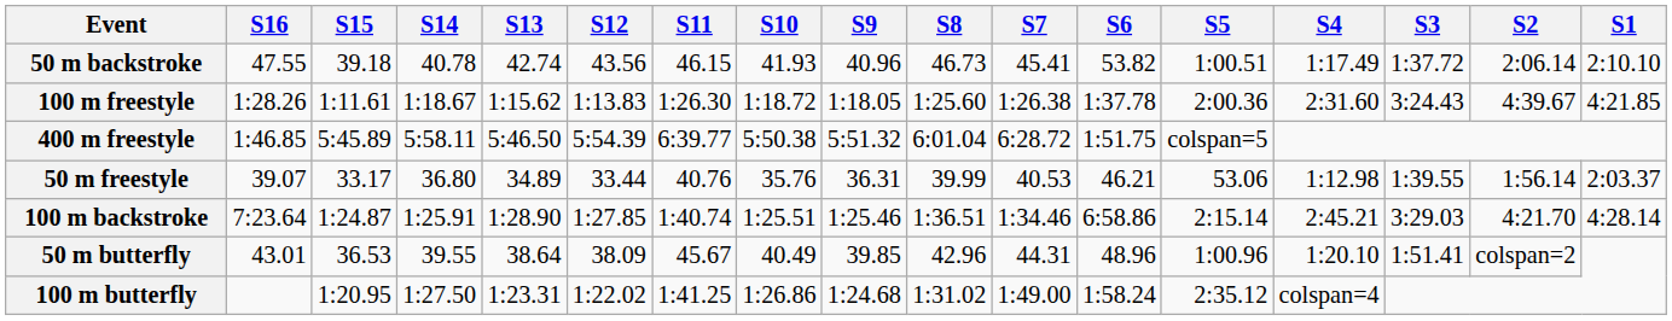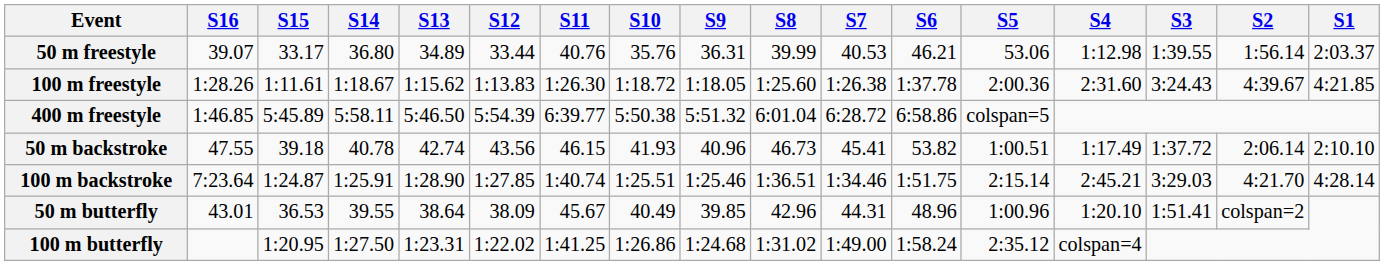 <table class="wikitable plainrowheaders" style="text-align:right">
 <tr>
 <th scope="col" style="width:138px;">Event</th>
 <th scope="col"><a href='#'>S16</a></th>
 <th scope="col"><a href='#'>S15</a></th>
 <th scope="col"><a href='#'>S14</a></th>
 <th scope="col"><a href='#'>S13</a></th>
 <th scope="col"><a href='#'>S12</a></th>
 <th scope="col"><a href='#'>S11</a></th>
 <th scope="col"><a href='#'>S10</a></th>
 <th scope="col"><a href='#'>S9</a></th>
 <th scope="col"><a href='#'>S8</a></th>
 <th scope="col"><a href='#'>S7</a></th>
 <th scope="col"><a href='#'>S6</a></th>
 <th scope="col"><a href='#'>S5</a></th>
 <th scope="col"><a href='#'>S4</a></th>
 <th scope="col"><a href='#'>S3</a></th>
 <th scope="col"><a href='#'>S2</a></th>
 <th scope="col"><a href='#'>S1</a></th>
 </tr>
 <tr>
-<th scope="row">50 m backstroke</th>
-<td>47.55</td>
-<td>39.18</td>
-<td>40.78</td>
-<td>42.74</td>
-<td>43.56</td>
-<td>46.15</td>
-<td>41.93</td>
-<td>40.96</td>
-<td>46.73</td>
-<td>45.41</td>
-<td>53.82</td>
-<td>1:00.51</td>
-<td>1:17.49</td>
-<td>1:37.72</td>
-<td>2:06.14</td>
-<td>2:10.10</td>
+<th scope="row">50 m freestyle</th>
+<td>39.07</td>
+<td>33.17</td>
+<td>36.80</td>
+<td>34.89</td>
+<td>33.44</td>
+<td>40.76</td>
+<td>35.76</td>
+<td>36.31</td>
+<td>39.99</td>
+<td>40.53</td>
+<td>46.21</td>
+<td>53.06</td>
+<td>1:12.98</td>
+<td>1:39.55</td>
+<td>1:56.14</td>
+<td>2:03.37</td>
 </tr>
 <tr>
 <th scope="row">100 m freestyle</th>
 <td>1:28.26</td>
 <td>1:11.61</td>
 <td>1:18.67</td>
 <td>1:15.62</td>
 <td>1:13.83</td>
 <td>1:26.30</td>
 <td>1:18.72</td>
 <td>1:18.05</td>
 <td>1:25.60</td>
 <td>1:26.38</td>
 <td>1:37.78</td>
 <td>2:00.36</td>
 <td>2:31.60</td>
 <td>3:24.43</td>
 <td>4:39.67</td>
 <td>4:21.85</td>
 </tr>
 <tr>
 <th scope="row">400 m freestyle</th>
 <td>1:46.85</td>
 <td>5:45.89</td>
 <td>5:58.11</td>
 <td>5:46.50</td>
 <td>5:54.39</td>
 <td>6:39.77</td>
 <td>5:50.38</td>
 <td>5:51.32</td>
 <td>6:01.04</td>
 <td>6:28.72</td>
-<td>1:51.75</td>
+<td>6:58.86</td>
 <td>colspan=5 </td>
 </tr>
 <tr>
-<th scope="row">50 m freestyle</th>
-<td>39.07</td>
-<td>33.17</td>
-<td>36.80</td>
-<td>34.89</td>
-<td>33.44</td>
-<td>40.76</td>
-<td>35.76</td>
-<td>36.31</td>
-<td>39.99</td>
-<td>40.53</td>
-<td>46.21</td>
-<td>53.06</td>
-<td>1:12.98</td>
-<td>1:39.55</td>
-<td>1:56.14</td>
-<td>2:03.37</td>
+<th scope="row">50 m backstroke</th>
+<td>47.55</td>
+<td>39.18</td>
+<td>40.78</td>
+<td>42.74</td>
+<td>43.56</td>
+<td>46.15</td>
+<td>41.93</td>
+<td>40.96</td>
+<td>46.73</td>
+<td>45.41</td>
+<td>53.82</td>
+<td>1:00.51</td>
+<td>1:17.49</td>
+<td>1:37.72</td>
+<td>2:06.14</td>
+<td>2:10.10</td>
 </tr>
 <tr>
 <th scope="row">100 m backstroke</th>
 <td>7:23.64</td>
 <td>1:24.87</td>
 <td>1:25.91</td>
 <td>1:28.90</td>
 <td>1:27.85</td>
 <td>1:40.74</td>
 <td>1:25.51</td>
 <td>1:25.46</td>
 <td>1:36.51</td>
 <td>1:34.46</td>
-<td>6:58.86</td>
+<td>1:51.75</td>
 <td>2:15.14</td>
 <td>2:45.21</td>
 <td>3:29.03</td>
 <td>4:21.70</td>
 <td>4:28.14</td>
 </tr>
 <tr>
 <th scope="row">50 m butterfly</th>
 <td>43.01</td>
 <td>36.53</td>
 <td>39.55</td>
 <td>38.64</td>
 <td>38.09</td>
 <td>45.67</td>
 <td>40.49</td>
 <td>39.85</td>
 <td>42.96</td>
 <td>44.31</td>
 <td>48.96</td>
 <td>1:00.96</td>
 <td>1:20.10</td>
 <td>1:51.41</td>
 <td>colspan=2 </td>
 </tr>
 <tr>
 <th scope="row">100 m butterfly</th>
 <td></td>
 <td>1:20.95</td>
 <td>1:27.50</td>
 <td>1:23.31</td>
 <td>1:22.02</td>
 <td>1:41.25</td>
 <td>1:26.86</td>
 <td>1:24.68</td>
 <td>1:31.02</td>
 <td>1:49.00</td>
 <td>1:58.24</td>
 <td>2:35.12</td>
 <td>colspan=4 </td>
 </tr>
 </table>
